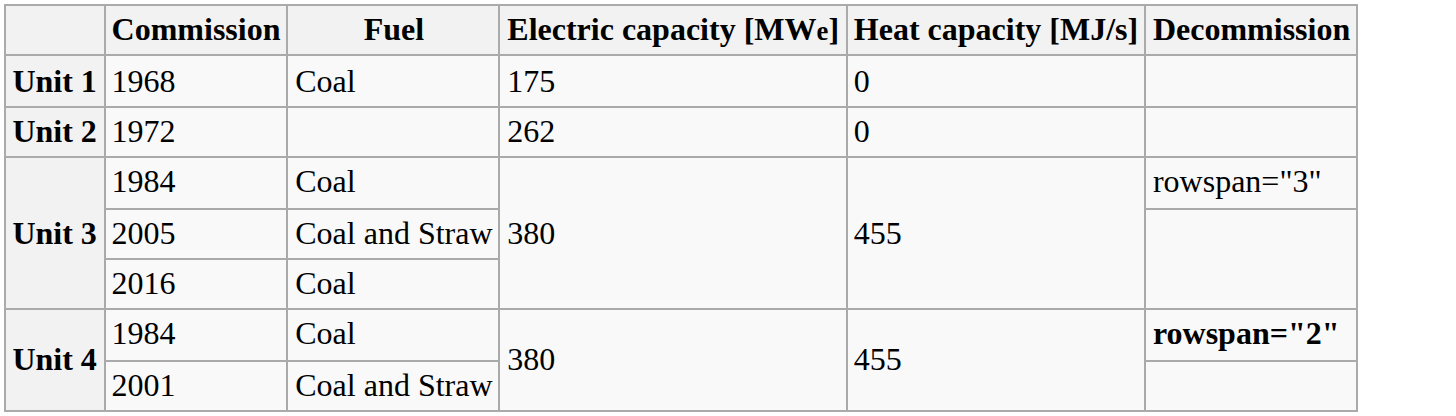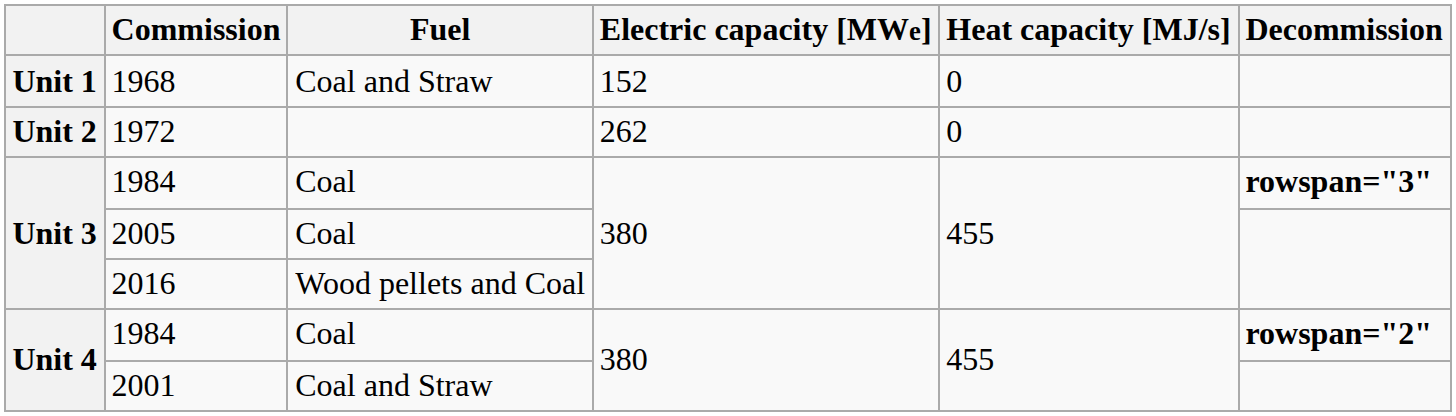 <table class="wikitable">
 <tr>
 <th></th>
 <th>Commission</th>
 <th>Fuel</th>
 <th>Electric capacity [MW<small>e</small>]</th>
 <th>Heat capacity [MJ/s]</th>
 <th>Decommission</th>
 </tr>
 <tr>
 <th>Unit 1</th>
 <td>1968</td>
-<td>Coal</td>
-<td>175</td>
+<td>Coal and Straw</td>
+<td>152</td>
 <td>0</td>
 <td></td>
 </tr>
 <tr>
 <th>Unit 2</th>
 <td>1972</td>
 <td></td>
 <td>262</td>
 <td>0</td>
 <td></td>
 </tr>
 <tr>
 <th rowspan="3">Unit 3</th>
 <td>1984</td>
 <td>Coal</td>
 <td rowspan="3">380</td>
 <td rowspan="3">455</td>
-<td>rowspan="3" </td>
+<td><strong>rowspan="3" </strong></td>
 </tr>
 <tr>
 <td>2005</td>
-<td>Coal and Straw</td>
+<td>Coal</td>
 </tr>
 <tr>
 <td>2016</td>
-<td>Coal</td>
+<td>Wood pellets and Coal</td>
 </tr>
 <tr>
 <th rowspan="2">Unit 4</th>
 <td>1984</td>
 <td>Coal</td>
 <td rowspan="2">380</td>
 <td rowspan="2">455</td>
 <td><strong>rowspan="2" </strong></td>
 </tr>
 <tr>
 <td>2001</td>
 <td>Coal and Straw</td>
 </tr>
 </table>
